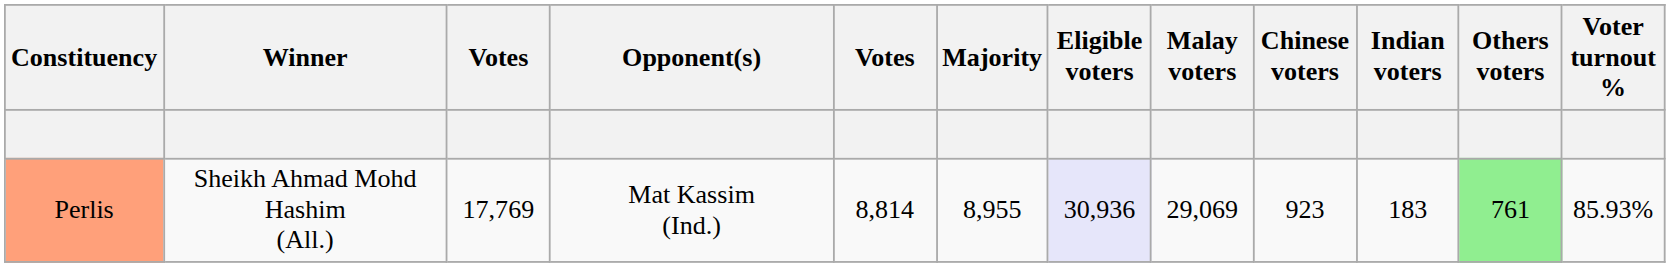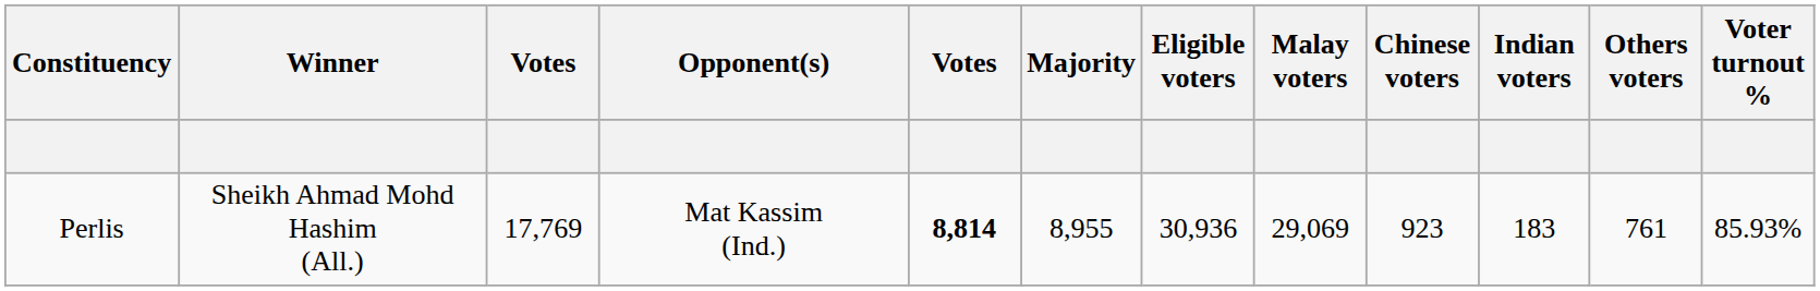 <table class="wikitable sortable" style="text-align:center; font-size:90%">
 <tr>
 <th width="60">Constituency</th>
 <th width="150">Winner</th>
 <th width="50">Votes</th>
 <th width="150">Opponent(s)</th>
 <th width="50">Votes</th>
 <th width="50">Majority</th>
 <th width="50">Eligible voters</th>
 <th width="50">Malay voters</th>
 <th width="50">Chinese voters</th>
 <th width="50">Indian voters</th>
 <th width="50">Others voters</th>
 <th width="50">Voter turnout %</th>
 </tr>
 <tr>
 <th height="20"></th>
 <th></th>
 <th></th>
 <th></th>
 <th></th>
 <th></th>
 <th></th>
 <th></th>
 <th></th>
 <th></th>
 <th></th>
 <th></th>
 </tr>
 <tr>
-<td style="background: lightsalmon;">Perlis</td>
+<td>Perlis</td>
 <td>Sheikh Ahmad Mohd Hashim<br>(All.)</td>
 <td>17,769</td>
 <td>Mat Kassim<br>(Ind.)</td>
-<td>8,814</td>
+<td><strong>8,814</strong></td>
 <td>8,955</td>
-<td style="background: lavender;">30,936</td>
+<td>30,936</td>
 <td>29,069</td>
 <td>923</td>
 <td>183</td>
-<td style="background: lightgreen;">761</td>
+<td>761</td>
 <td>85.93%</td>
 </tr>
 </table>
